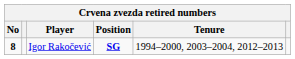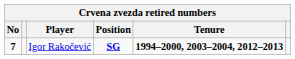 <table class="wikitable sortable" style="text-align:center; font-size:95%;">
 <tr>
 <th colspan=6>Crvena zvezda retired numbers</th>
 </tr>
 <tr>
 <th>No</th>
 <th></th>
 <th>Player</th>
 <th>Position</th>
 <th>Tenure</th>
 <th></th>
 </tr>
 <tr>
-<td><strong>8</strong></td>
+<td><strong>7</strong></td>
 <td></td>
 <td><a href='#'>Igor Rakočević</a></td>
 <td><strong><a href='#'>SG</a></strong></td>
-<td>1994–2000, 2003–2004, 2012–2013</td>
+<td><strong>1994–2000, 2003–2004, 2012–2013</strong></td>
 <td></td>
 </tr>
 </table>
